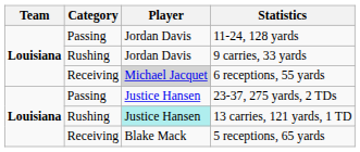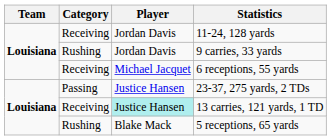 <table class="wikitable" style="float: left;">
 <tr>
 <th>Team</th>
 <th>Category</th>
 <th>Player</th>
 <th>Statistics</th>
 </tr>
 <tr>
 <td rowspan=3><strong>Louisiana</strong></td>
-<td>Passing</td>
+<td>Receiving</td>
 <td>Jordan Davis</td>
 <td>11-24, 128 yards</td>
 </tr>
 <tr>
 <td>Rushing</td>
 <td>Jordan Davis</td>
 <td>9 carries, 33 yards</td>
 </tr>
 <tr>
 <td>Receiving</td>
-<td style="background: lightgrey;"><a href='#'>Michael Jacquet</a></td>
+<td><a href='#'>Michael Jacquet</a></td>
 <td>6 receptions, 55 yards</td>
 </tr>
 <tr>
 <td rowspan=3><strong>Louisiana</strong></td>
 <td>Passing</td>
 <td><a href='#'>Justice Hansen</a></td>
 <td>23-37, 275 yards, 2 TDs</td>
 </tr>
 <tr>
-<td>Rushing</td>
+<td>Receiving</td>
 <td style="background: paleturquoise;">Justice Hansen</td>
 <td>13 carries, 121 yards, 1 TD</td>
 </tr>
 <tr>
-<td>Receiving</td>
+<td>Rushing</td>
 <td>Blake Mack</td>
 <td>5 receptions, 65 yards</td>
 </tr>
 </table>
